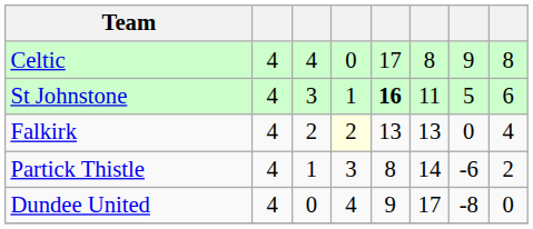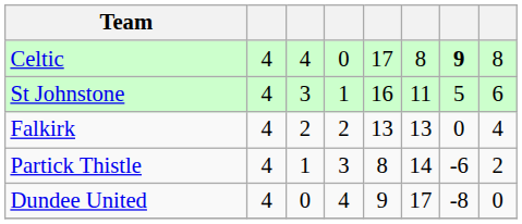 <table class="wikitable" style="text-align:center;">
 <tr>
 <th width=165>Team</th>
 <th width=20></th>
 <th width=20></th>
 <th width=20></th>
 <th width=20></th>
 <th width=20></th>
 <th width=20></th>
 <th width=20></th>
 </tr>
 <tr style="background:#cfc;">
 <td align="left"><a href='#'>Celtic</a></td>
 <td>4</td>
 <td>4</td>
 <td>0</td>
 <td>17</td>
 <td>8</td>
-<td>9</td>
+<td><strong>9</strong></td>
 <td>8</td>
 </tr>
 <tr style="background:#cfc;">
 <td align="left"><a href='#'>St Johnstone</a></td>
 <td>4</td>
 <td>3</td>
 <td>1</td>
-<td><strong>16</strong></td>
+<td>16</td>
 <td>11</td>
 <td>5</td>
 <td>6</td>
 </tr>
 <tr>
 <td align="left"><a href='#'>Falkirk</a></td>
 <td>4</td>
 <td>2</td>
-<td style="background: lightyellow;">2</td>
+<td>2</td>
 <td>13</td>
 <td>13</td>
 <td>0</td>
 <td>4</td>
 </tr>
 <tr>
 <td align="left"><a href='#'>Partick Thistle</a></td>
 <td>4</td>
 <td>1</td>
 <td>3</td>
 <td>8</td>
 <td>14</td>
 <td>-6</td>
 <td>2</td>
 </tr>
 <tr>
 <td align="left"><a href='#'>Dundee United</a></td>
 <td>4</td>
 <td>0</td>
 <td>4</td>
 <td>9</td>
 <td>17</td>
 <td>-8</td>
 <td>0</td>
 </tr>
 <tr>
 </tr>
 </table>
